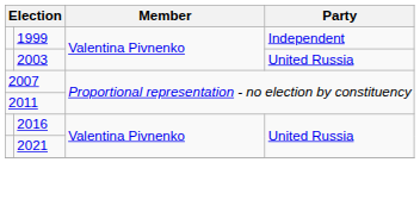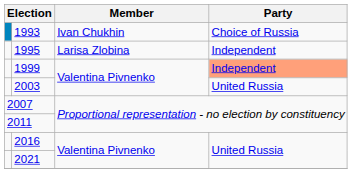 <table class="wikitable">
 <tr>
 <th colspan="2">Election</th>
 <th>Member</th>
 <th>Party</th>
 </tr>
 <tr>
+<td style="background-color:#0085BE"></td>
+<td><a href='#'>1993</a></td>
+<td><a href='#'>Ivan Chukhin</a></td>
+<td><a href='#'>Choice of Russia</a></td>
+</tr>
+<tr>
+<td style="background-color:"></td>
+<td><a href='#'>1995</a></td>
+<td><a href='#'>Larisa Zlobina</a></td>
+<td><a href='#'>Independent</a></td>
+</tr>
+<tr>
 <td style="background-color:"></td>
 <td><a href='#'>1999</a></td>
 <td rowspan=2><a href='#'>Valentina Pivnenko</a></td>
-<td><a href='#'>Independent</a></td>
+<td style="background: lightsalmon;"><a href='#'>Independent</a></td>
 </tr>
 <tr>
 <td style="background-color:"></td>
 <td><a href='#'>2003</a></td>
 <td><a href='#'>United Russia</a></td>
 </tr>
 <tr>
 <td colspan=2><a href='#'>2007</a></td>
 <td colspan=2 rowspan=2><em><a href='#'>Proportional representation</a> - no election by constituency</em></td>
 </tr>
 <tr>
 <td colspan=2><a href='#'>2011</a></td>
 </tr>
 <tr>
 <td style="background-color: "></td>
 <td><a href='#'>2016</a></td>
 <td rowspan=2><a href='#'>Valentina Pivnenko</a></td>
 <td rowspan=2><a href='#'>United Russia</a></td>
 </tr>
 <tr>
 <td style="background-color: "></td>
 <td><a href='#'>2021</a></td>
 </tr>
 <tr>
 </tr>
 </table>
